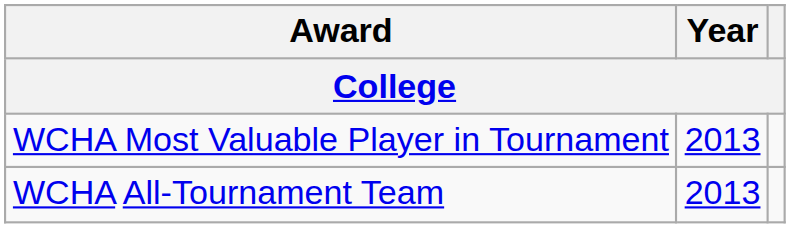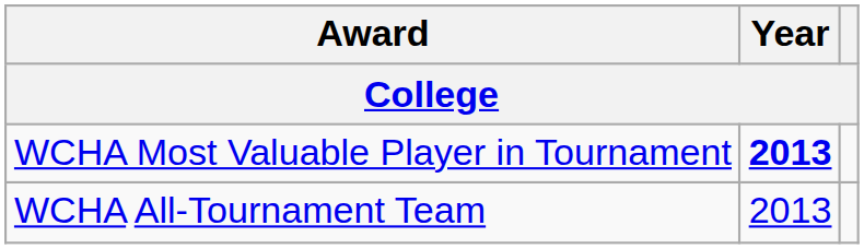 <table class="wikitable">
 <tr>
 <th>Award</th>
 <th>Year</th>
 <th></th>
 </tr>
 <tr>
 <th colspan="3"><a href='#'>College</a></th>
 </tr>
 <tr>
 <td><a href='#'>WCHA Most Valuable Player in Tournament</a></td>
-<td><a href='#'>2013</a></td>
+<td><strong><a href='#'>2013</a></strong></td>
 <td></td>
 </tr>
 <tr>
 <td><a href='#'>WCHA</a> <a href='#'>All-Tournament Team</a></td>
 <td><a href='#'>2013</a></td>
 <td></td>
 </tr>
 </table>
